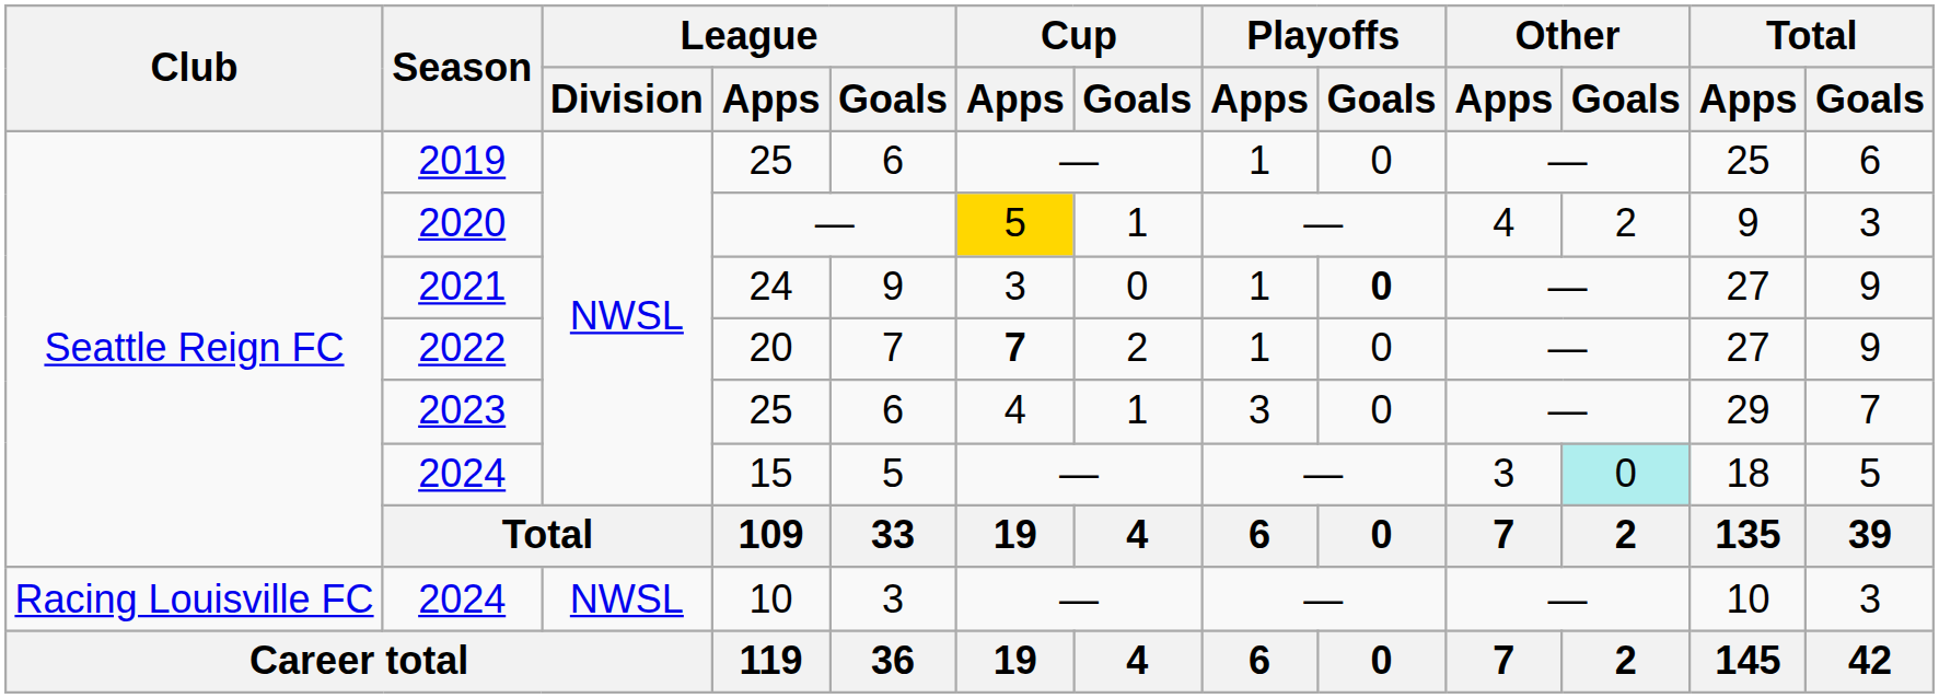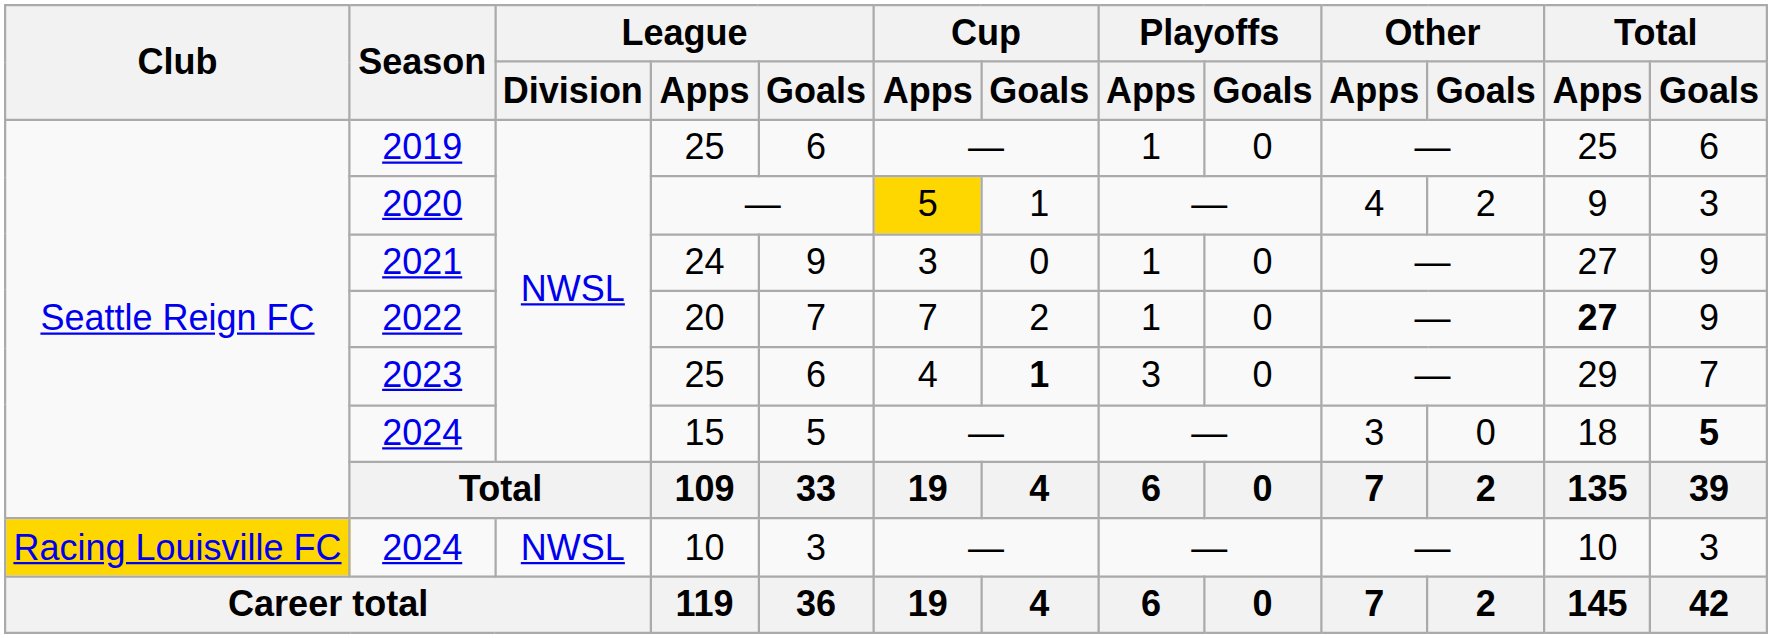 <table class="wikitable" style="text-align: center;">
 <tr>
 <th rowspan="2">Club</th>
 <th rowspan="2">Season</th>
 <th colspan="3">League</th>
 <th colspan="2">Cup</th>
 <th colspan="2">Playoffs</th>
 <th colspan="2">Other</th>
 <th colspan="2">Total</th>
 </tr>
 <tr>
 <th>Division</th>
 <th>Apps</th>
 <th>Goals</th>
 <th>Apps</th>
 <th>Goals</th>
 <th>Apps</th>
 <th>Goals</th>
 <th>Apps</th>
 <th>Goals</th>
 <th>Apps</th>
 <th>Goals</th>
 </tr>
 <tr>
 <td rowspan="7"><a href='#'>Seattle Reign FC</a></td>
 <td><a href='#'>2019</a></td>
 <td rowspan="6"><a href='#'>NWSL</a></td>
 <td>25</td>
 <td>6</td>
 <td colspan="2">—</td>
 <td>1</td>
 <td>0</td>
 <td colspan="2">—</td>
 <td>25</td>
 <td>6</td>
 </tr>
 <tr>
 <td><a href='#'>2020</a></td>
 <td colspan="2">—</td>
 <td style="background: gold;">5</td>
 <td>1</td>
 <td colspan="2">—</td>
 <td>4</td>
 <td>2</td>
 <td>9</td>
 <td>3</td>
 </tr>
 <tr>
 <td><a href='#'>2021</a></td>
 <td>24</td>
 <td>9</td>
 <td>3</td>
 <td>0</td>
 <td>1</td>
-<td><strong>0</strong></td>
+<td>0</td>
 <td colspan="2">—</td>
 <td>27</td>
 <td>9</td>
 </tr>
 <tr>
 <td><a href='#'>2022</a></td>
 <td>20</td>
 <td>7</td>
-<td><strong>7</strong></td>
+<td>7</td>
 <td>2</td>
 <td>1</td>
 <td>0</td>
 <td colspan="2">—</td>
-<td>27</td>
+<td><strong>27</strong></td>
 <td>9</td>
 </tr>
 <tr>
 <td><a href='#'>2023</a></td>
 <td>25</td>
 <td>6</td>
 <td>4</td>
-<td>1</td>
+<td><strong>1</strong></td>
 <td>3</td>
 <td>0</td>
 <td colspan="2">—</td>
 <td>29</td>
 <td>7</td>
 </tr>
 <tr>
 <td><a href='#'>2024</a></td>
 <td>15</td>
 <td>5</td>
 <td colspan="2">—</td>
 <td colspan="2">—</td>
 <td>3</td>
-<td style="background: paleturquoise;">0</td>
+<td>0</td>
 <td>18</td>
-<td>5</td>
+<td><strong>5</strong></td>
 </tr>
 <tr>
 <th colspan="2">Total</th>
 <th>109</th>
 <th>33</th>
 <th>19</th>
 <th>4</th>
 <th>6</th>
 <th>0</th>
 <th>7</th>
 <th>2</th>
 <th>135</th>
 <th>39</th>
 </tr>
 <tr>
-<td><a href='#'>Racing Louisville FC</a></td>
+<td style="background: gold;"><a href='#'>Racing Louisville FC</a></td>
 <td><a href='#'>2024</a></td>
 <td><a href='#'>NWSL</a></td>
 <td>10</td>
 <td>3</td>
 <td colspan="2">—</td>
 <td colspan="2">—</td>
 <td colspan="2">—</td>
 <td>10</td>
 <td>3</td>
 </tr>
 <tr>
 <th colspan="3">Career total</th>
 <th>119</th>
 <th>36</th>
 <th>19</th>
 <th>4</th>
 <th>6</th>
 <th>0</th>
 <th>7</th>
 <th>2</th>
 <th>145</th>
 <th>42</th>
 </tr>
 </table>
